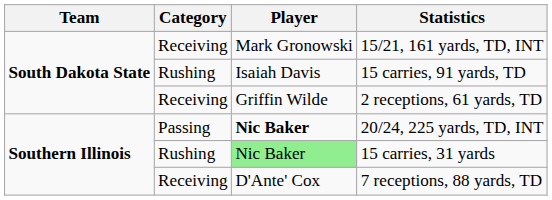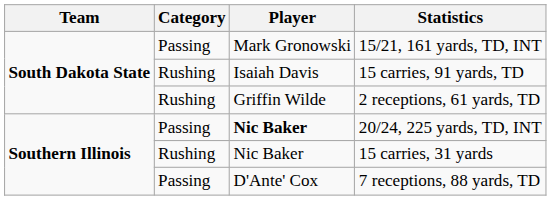 <table class="wikitable" style="float: left;">
 <tr>
 <th>Team</th>
 <th>Category</th>
 <th>Player</th>
 <th>Statistics</th>
 </tr>
 <tr>
 <td rowspan=3><strong>South Dakota State</strong></td>
-<td>Receiving</td>
+<td>Passing</td>
 <td>Mark Gronowski</td>
 <td>15/21, 161 yards, TD, INT</td>
 </tr>
 <tr>
 <td>Rushing</td>
 <td>Isaiah Davis</td>
 <td>15 carries, 91 yards, TD</td>
 </tr>
 <tr>
-<td>Receiving</td>
+<td>Rushing</td>
 <td>Griffin Wilde</td>
 <td>2 receptions, 61 yards, TD</td>
 </tr>
 <tr>
 <td rowspan=3><strong>Southern Illinois</strong></td>
 <td>Passing</td>
 <td><strong>Nic Baker</strong></td>
 <td>20/24, 225 yards, TD, INT</td>
 </tr>
 <tr>
 <td>Rushing</td>
-<td style="background: lightgreen;">Nic Baker</td>
+<td>Nic Baker</td>
 <td>15 carries, 31 yards</td>
 </tr>
 <tr>
-<td>Receiving</td>
+<td>Passing</td>
 <td>D'Ante' Cox</td>
 <td>7 receptions, 88 yards, TD</td>
 </tr>
 </table>
